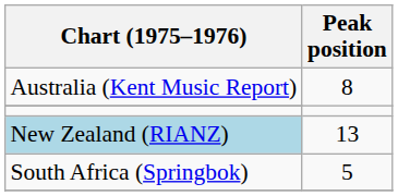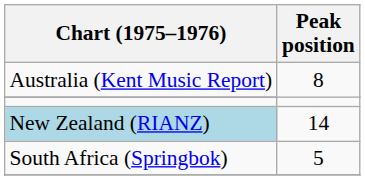 <table class="wikitable sortable">
 <tr>
 <th align="left">Chart (1975–1976)</th>
 <th align="left">Peak<br>position</th>
 </tr>
 <tr>
 <td align="left">Australia (<a href='#'>Kent Music Report</a>)</td>
 <td style="text-align:center;">8</td>
 </tr>
 <tr>
 </tr>
 <tr>
 </tr>
 <tr>
 <td></td>
 </tr>
 <tr>
 <td style="background: lightblue;">New Zealand (<a href='#'>RIANZ</a>)</td>
-<td style="text-align:center;">13</td>
+<td style="text-align:center;">14</td>
 </tr>
 <tr>
 <td>South Africa (<a href='#'>Springbok</a>)</td>
 <td align="center">5</td>
 </tr>
 <tr>
 </tr>
 <tr>
 </tr>
 <tr>
 </tr>
 </table>
